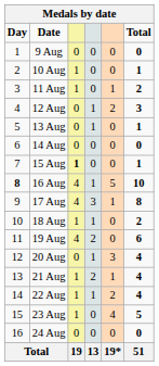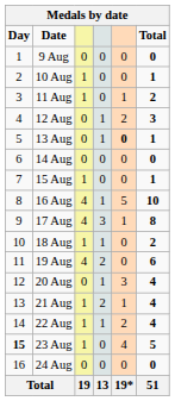 <table class="wikitable" style="font-size:85%; text-align:center;">
 <tr style="background:#efefef;">
 <th colspan=6>Medals by date</th>
 </tr>
 <tr>
 <td><strong>Day</strong></td>
 <td><strong>Date</strong></td>
 <td style="background:#F7F6A8;"></td>
 <td style="background:#DCE5E5;"></td>
 <td style="background:#FFDAB9;"></td>
 <td><strong>Total</strong></td>
 </tr>
 <tr>
 <td>1</td>
 <td>9 Aug</td>
 <td style="background:#F7F6A8;">0</td>
 <td style="background:#DCE5E5;">0</td>
 <td style="background:#FFDAB9;">0</td>
 <td><strong>0</strong></td>
 </tr>
 <tr>
 <td>2</td>
 <td>10 Aug</td>
 <td style="background:#F7F6A8;">1</td>
 <td style="background:#DCE5E5;">0</td>
 <td style="background:#FFDAB9;">0</td>
 <td><strong>1</strong></td>
 </tr>
 <tr>
 <td>3</td>
 <td>11 Aug</td>
 <td style="background:#F7F6A8;">1</td>
 <td style="background:#DCE5E5;">0</td>
 <td style="background:#FFDAB9;">1</td>
 <td><strong>2</strong></td>
 </tr>
 <tr>
 <td>4</td>
 <td>12 Aug</td>
 <td style="background:#F7F6A8;">0</td>
 <td style="background:#DCE5E5;">1</td>
 <td style="background:#FFDAB9;">2</td>
 <td><strong>3</strong></td>
 </tr>
 <tr>
 <td>5</td>
 <td>13 Aug</td>
 <td style="background:#F7F6A8;">0</td>
 <td style="background:#DCE5E5;">1</td>
-<td style="background:#FFDAB9;">0</td>
+<td style="background:#FFDAB9;"><strong>0</strong></td>
 <td><strong>1</strong></td>
 </tr>
 <tr>
 <td>6</td>
 <td>14 Aug</td>
 <td style="background:#F7F6A8;">0</td>
 <td style="background:#DCE5E5;">0</td>
 <td style="background:#FFDAB9;">0</td>
 <td><strong>0</strong></td>
 </tr>
 <tr>
 <td>7</td>
 <td>15 Aug</td>
-<td style="background:#F7F6A8;"><strong>1</strong></td>
+<td style="background:#F7F6A8;">1</td>
 <td style="background:#DCE5E5;">0</td>
 <td style="background:#FFDAB9;">0</td>
 <td><strong>1</strong></td>
 </tr>
 <tr>
-<td><strong>8</strong></td>
+<td>8</td>
 <td>16 Aug</td>
 <td style="background:#F7F6A8;">4</td>
 <td style="background:#DCE5E5;">1</td>
 <td style="background:#FFDAB9;">5</td>
 <td><strong>10</strong></td>
 </tr>
 <tr>
 <td>9</td>
 <td>17 Aug</td>
 <td style="background:#F7F6A8;">4</td>
 <td style="background:#DCE5E5;">3</td>
 <td style="background:#FFDAB9;">1</td>
 <td><strong>8</strong></td>
 </tr>
 <tr>
 <td>10</td>
 <td>18 Aug</td>
 <td style="background:#F7F6A8;">1</td>
 <td style="background:#DCE5E5;">1</td>
 <td style="background:#FFDAB9;">0</td>
 <td><strong>2</strong></td>
 </tr>
 <tr>
 <td>11</td>
 <td>19 Aug</td>
 <td style="background:#F7F6A8;">4</td>
 <td style="background:#DCE5E5;">2</td>
 <td style="background:#FFDAB9;">0</td>
 <td><strong>6</strong></td>
 </tr>
 <tr>
 <td>12</td>
 <td>20 Aug</td>
 <td style="background:#F7F6A8;">0</td>
 <td style="background:#DCE5E5;">1</td>
 <td style="background:#FFDAB9;">3</td>
 <td><strong>4</strong></td>
 </tr>
 <tr>
 <td>13</td>
 <td>21 Aug</td>
 <td style="background:#F7F6A8;">1</td>
 <td style="background:#DCE5E5;">2</td>
 <td style="background:#FFDAB9;">1</td>
 <td><strong>4</strong></td>
 </tr>
 <tr>
 <td>14</td>
 <td>22 Aug</td>
 <td style="background:#F7F6A8;">1</td>
 <td style="background:#DCE5E5;">1</td>
 <td style="background:#FFDAB9;">2</td>
 <td><strong>4</strong></td>
 </tr>
 <tr>
-<td>15</td>
+<td><strong>15</strong></td>
 <td>23 Aug</td>
 <td style="background:#F7F6A8;">1</td>
 <td style="background:#DCE5E5;">0</td>
 <td style="background:#FFDAB9;">4</td>
 <td><strong>5</strong></td>
 </tr>
 <tr>
 <td>16</td>
 <td>24 Aug</td>
 <td style="background:#F7F6A8;">0</td>
 <td style="background:#DCE5E5;">0</td>
 <td style="background:#FFDAB9;">0</td>
 <td><strong>0</strong></td>
 </tr>
 <tr>
 <th colspan="2">Total</th>
 <th>19</th>
 <th>13</th>
 <th>19*</th>
 <th>51</th>
 </tr>
 </table>
